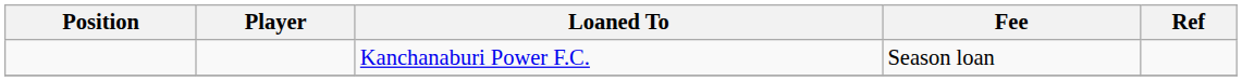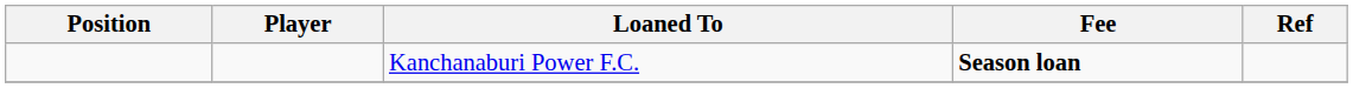 <table class="wikitable sortable" style="width:70%; text-align:center; font-size:100%; text-align:left;">
 <tr>
 <th><strong>Position</strong></th>
 <th><strong>Player</strong></th>
 <th><strong>Loaned To</strong></th>
 <th><strong>Fee</strong></th>
 <th><strong>Ref</strong></th>
 </tr>
 <tr>
 <td></td>
 <td></td>
 <td> <a href='#'>Kanchanaburi Power F.C.</a></td>
-<td>Season loan</td>
+<td><strong>Season loan</strong></td>
 <td></td>
 </tr>
 <tr>
 </tr>
 </table>
